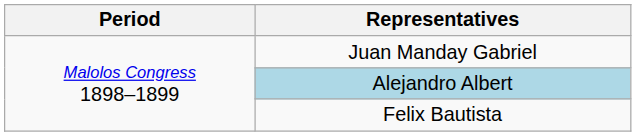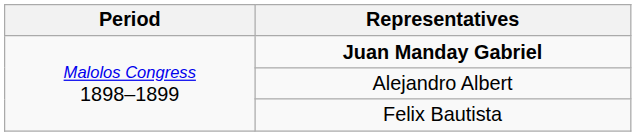 <table class="wikitable" style="text-align:center; width:40%;">
 <tr>
 <th width="40%">Period</th>
 <th>Representatives</th>
 </tr>
 <tr>
 <td rowspan="3"><small><em><a href='#'>Malolos Congress</a></em></small><br>1898–1899</td>
-<td>Juan Manday Gabriel</td>
+<td><strong>Juan Manday Gabriel</strong></td>
 </tr>
 <tr>
-<td style="background: lightblue;">Alejandro Albert</td>
+<td>Alejandro Albert</td>
 </tr>
 <tr>
 <td>Felix Bautista</td>
 </tr>
 </table>
